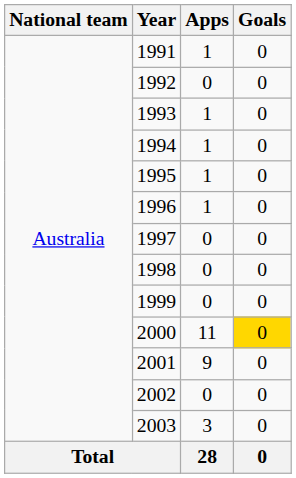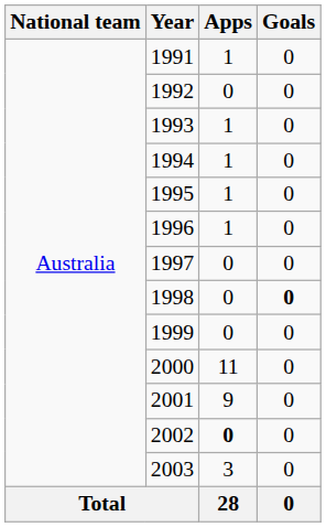 <table class="wikitable" style="text-align:center">
 <tr>
 <th>National team</th>
 <th>Year</th>
 <th>Apps</th>
 <th>Goals</th>
 </tr>
 <tr>
 <td rowspan="13"><a href='#'>Australia</a></td>
 <td>1991</td>
 <td>1</td>
 <td>0</td>
 </tr>
 <tr>
 <td>1992</td>
 <td>0</td>
 <td>0</td>
 </tr>
 <tr>
 <td>1993</td>
 <td>1</td>
 <td>0</td>
 </tr>
 <tr>
 <td>1994</td>
 <td>1</td>
 <td>0</td>
 </tr>
 <tr>
 <td>1995</td>
 <td>1</td>
 <td>0</td>
 </tr>
 <tr>
 <td>1996</td>
 <td>1</td>
 <td>0</td>
 </tr>
 <tr>
 <td>1997</td>
 <td>0</td>
 <td>0</td>
 </tr>
 <tr>
 <td>1998</td>
 <td>0</td>
-<td>0</td>
+<td><strong>0</strong></td>
 </tr>
 <tr>
 <td>1999</td>
 <td>0</td>
 <td>0</td>
 </tr>
 <tr>
 <td>2000</td>
 <td>11</td>
-<td style="background: gold;">0</td>
+<td>0</td>
 </tr>
 <tr>
 <td>2001</td>
 <td>9</td>
 <td>0</td>
 </tr>
 <tr>
 <td>2002</td>
-<td>0</td>
+<td><strong>0</strong></td>
 <td>0</td>
 </tr>
 <tr>
 <td>2003</td>
 <td>3</td>
 <td>0</td>
 </tr>
 <tr>
 <th colspan="2">Total</th>
 <th>28</th>
 <th>0</th>
 </tr>
 </table>
